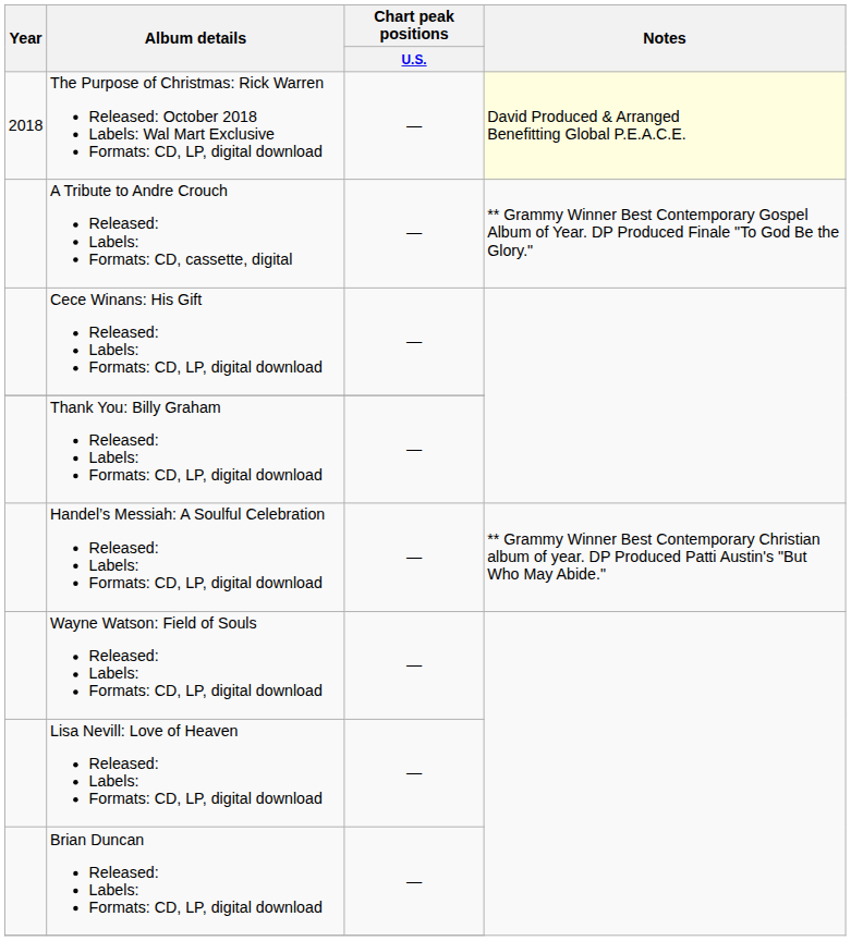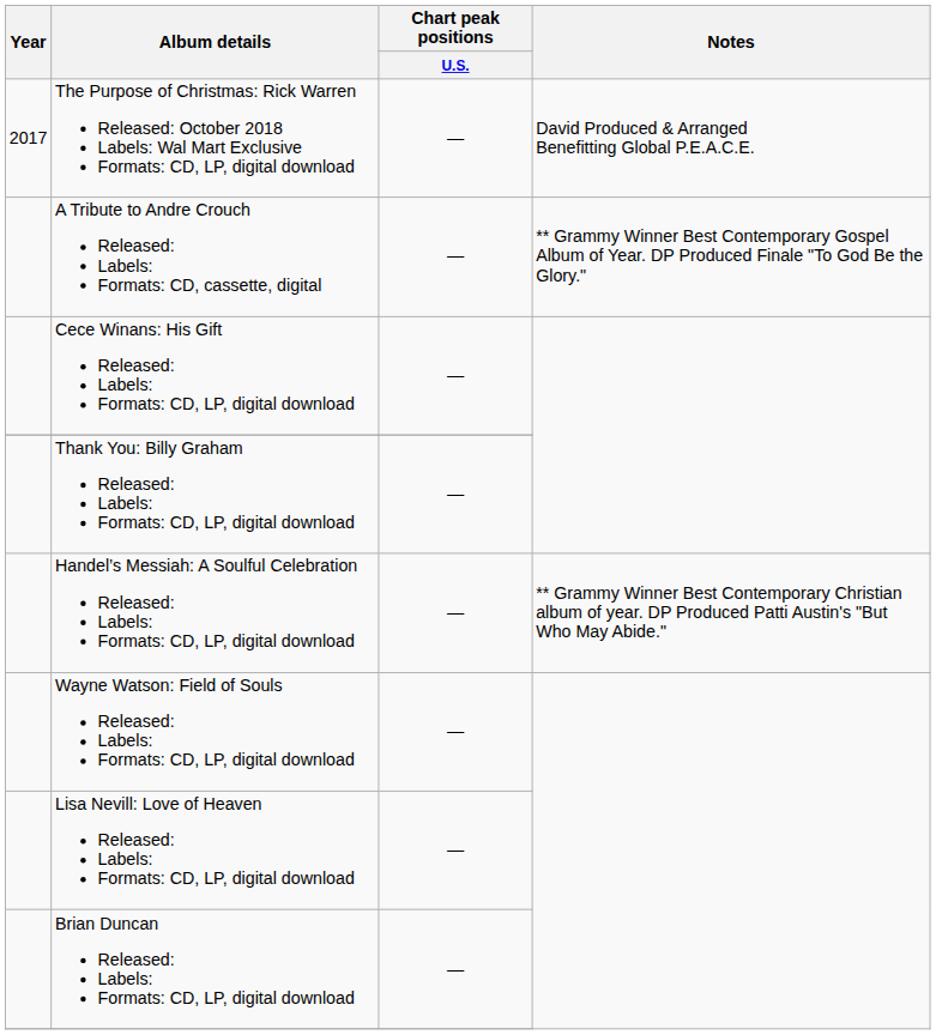 <table class="wikitable" border="1">
 <tr>
 <th rowspan="2">Year</th>
 <th rowspan="2" width="300">Album details</th>
 <th colspan="1">Chart peak positions</th>
 <th rowspan="2">Notes</th>
 </tr>
 <tr>
 <th><small><a href='#'>U.S.</a></small></th>
 </tr>
 <tr>
-<td>2018</td>
+<td>2017</td>
 <td>The Purpose of Christmas: Rick Warren<br><ul><li>Released: October 2018</li><li>Labels: Wal Mart Exclusive</li><li>Formats: CD, LP, digital download</li></ul></td>
 <td align="center">—</td>
-<td align="left" style="background: lightyellow;">David Produced & Arranged<br>Benefitting Global P.E.A.C.E.</td>
+<td align="left">David Produced & Arranged<br>Benefitting Global P.E.A.C.E.</td>
 </tr>
 <tr>
 <td></td>
 <td>A Tribute to Andre Crouch<br><ul><li>Released:</li><li>Labels:</li><li>Formats: CD, cassette, digital</li></ul></td>
 <td align="center">—</td>
 <td align="left">** Grammy Winner Best Contemporary Gospel<br>Album of Year. DP Produced Finale "To God Be the Glory."</td>
 </tr>
 <tr>
 <td></td>
 <td>Cece Winans: His Gift<br><ul><li>Released:</li><li>Labels:</li><li>Formats: CD, LP, digital download</li></ul></td>
 <td align="center">—</td>
 </tr>
 <tr>
 </tr>
 <tr>
 <td></td>
 <td>Thank You: Billy Graham<br><ul><li>Released:</li><li>Labels:</li><li>Formats: CD, LP, digital download</li></ul></td>
 <td align="center">—</td>
 </tr>
 <tr>
 <td></td>
 <td>Handel’s Messiah: A Soulful Celebration<br><ul><li>Released:</li><li>Labels:</li><li>Formats: CD, LP, digital download</li></ul></td>
 <td align="center">—</td>
 <td align="left">** Grammy Winner Best Contemporary Christian<br>album of year. DP Produced Patti Austin's "But Who May Abide."</td>
 </tr>
 <tr>
 <td></td>
 <td>Wayne Watson: Field of Souls<br><ul><li>Released:</li><li>Labels:</li><li>Formats: CD, LP, digital download</li></ul></td>
 <td align="center">—</td>
 </tr>
 <tr>
 <td></td>
 <td>Lisa Nevill: Love of Heaven<br><ul><li>Released:</li><li>Labels:</li><li>Formats: CD, LP, digital download</li></ul></td>
 <td align="center">—</td>
 </tr>
 <tr>
 <td></td>
 <td>Brian Duncan<br><ul><li>Released:</li><li>Labels:</li><li>Formats: CD, LP, digital download</li></ul></td>
 <td align="center">—</td>
 </tr>
 <tr>
 </tr>
 </table>
